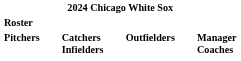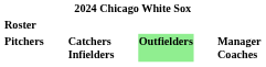 <table class="toccolours" style="font-size: 95%;">
 <tr>
 <th colspan="10">2024 Chicago White Sox</th>
 </tr>
 <tr>
 <td colspan="10"><strong>Roster</strong></td>
 </tr>
 <tr>
 <td valign="top"><strong>Pitchers</strong><br>                                 </td>
 <td style="width:25px;"></td>
 <td valign="top"><strong>Catchers</strong><br>   <strong>Infielders</strong>             </td>
 <td style="width:25px;"></td>
-<td valign="top"><strong>Outfielders</strong><br>            </td>
+<td valign="top" style="background: lightgreen;"><strong>Outfielders</strong><br>            </td>
 <td style="width:25px;"></td>
 <td valign="top"><strong>Manager</strong><br>   <strong>Coaches</strong>                            </td>
 </tr>
 </table>
